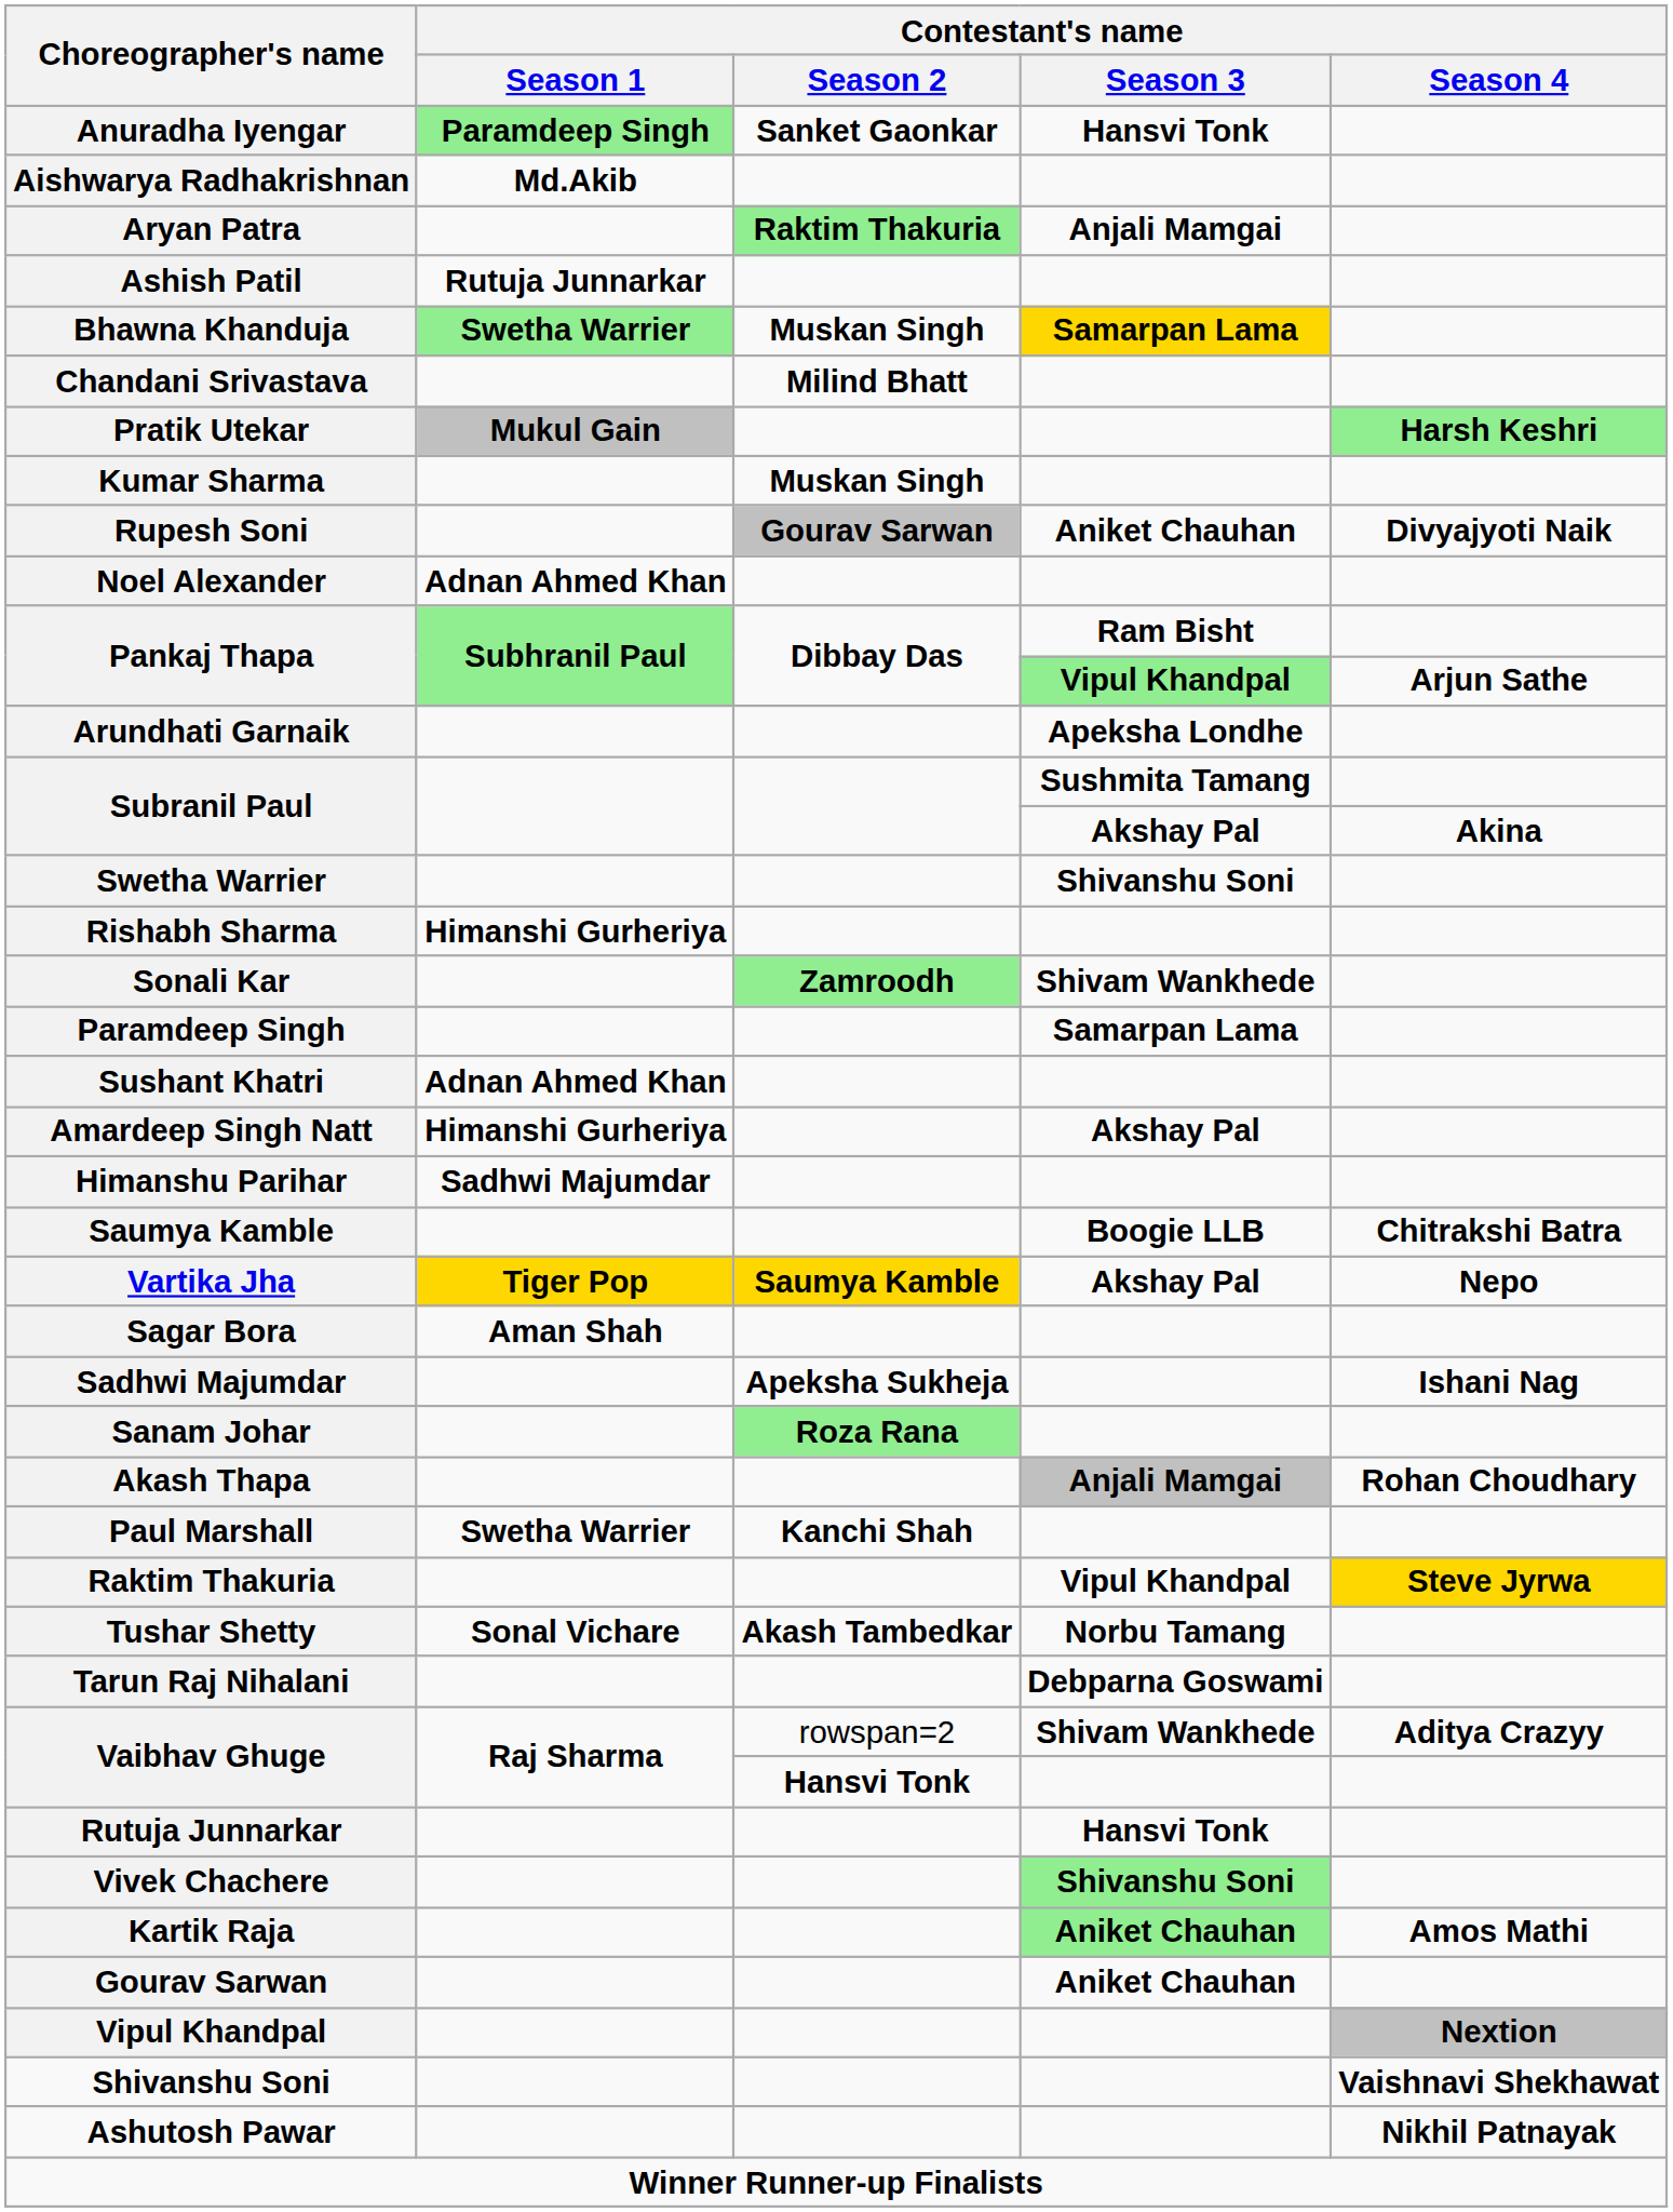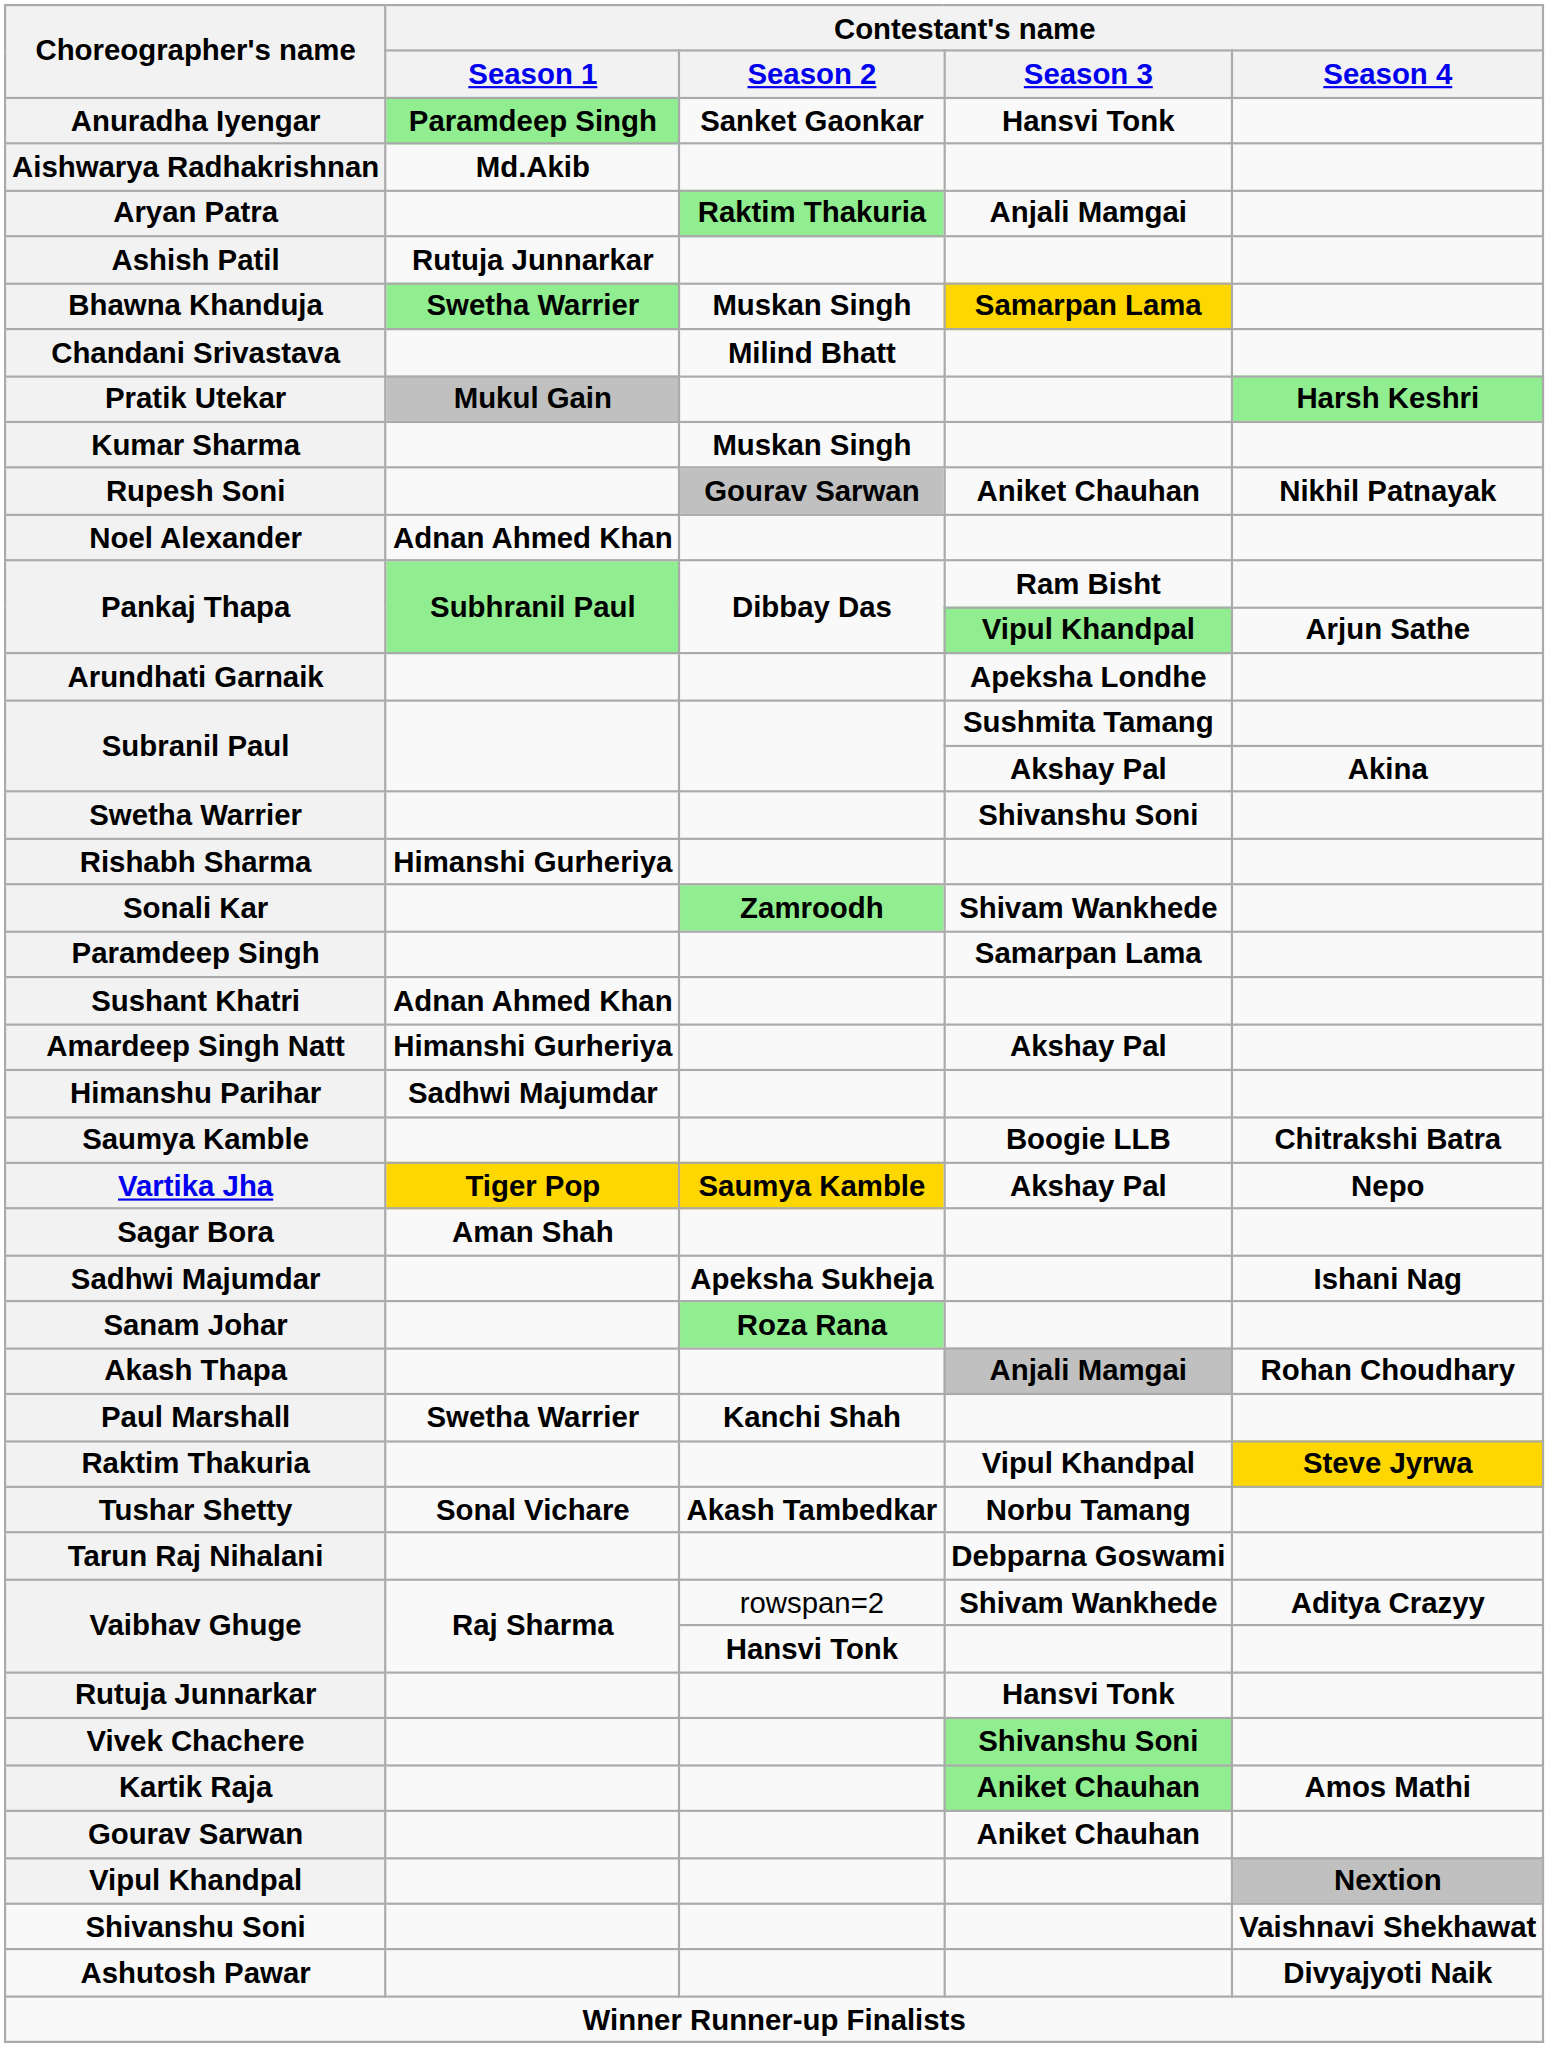 <table class="wikitable sortable" style=" text-align:center; font-size:85%;  line-height:15px; width:auto;">
 <tr>
 <th rowspan="2">Choreographer's name</th>
 <th colspan="4">Contestant's name</th>
 </tr>
 <tr>
 <th><a href='#'>Season 1</a></th>
 <th><a href='#'>Season 2</a></th>
 <th><a href='#'>Season 3</a></th>
 <th><a href='#'>Season 4</a></th>
 </tr>
 <tr>
 <th><strong>Anuradha Iyengar</strong></th>
 <td bgcolor="lightgreen"><strong>Paramdeep Singh</strong></td>
 <td><strong>Sanket Gaonkar</strong></td>
 <td><strong>Hansvi Tonk</strong></td>
 <td></td>
 </tr>
 <tr>
 <th>Aishwarya Radhakrishnan</th>
 <td><strong>Md.Akib</strong></td>
 <td></td>
 <td></td>
 <td></td>
 </tr>
 <tr>
 <th><strong>Aryan Patra</strong></th>
 <td></td>
 <td bgcolor="lightgreen"><strong>Raktim Thakuria</strong></td>
 <td><strong>Anjali Mamgai</strong></td>
 <td><strong> </strong></td>
 </tr>
 <tr>
 <th><strong>Ashish Patil</strong></th>
 <td><strong>Rutuja Junnarkar</strong></td>
 <td></td>
 <td></td>
 <td></td>
 </tr>
 <tr>
 <th>Bhawna Khanduja</th>
 <td bgcolor=lightgreen><strong>Swetha Warrier</strong></td>
 <td><strong>Muskan Singh</strong></td>
 <td bgcolor=gold><strong>Samarpan Lama</strong></td>
 <td></td>
 </tr>
 <tr>
 <th><strong>Chandani Srivastava</strong></th>
 <td></td>
 <td><strong>Milind Bhatt</strong></td>
 <td></td>
 <td></td>
 </tr>
 <tr>
 <th><strong>Pratik Utekar</strong></th>
 <td bgcolor=silver><strong>Mukul Gain</strong></td>
 <td></td>
 <td></td>
 <td bgcolor="lightgreen"><strong>Harsh Keshri</strong></td>
 </tr>
 <tr>
 <th><strong>Kumar Sharma</strong></th>
 <td></td>
 <td><strong>Muskan Singh</strong></td>
 <td></td>
 <td></td>
 </tr>
 <tr>
 <th><strong>Rupesh Soni</strong></th>
 <td></td>
 <td bgcolor=silver><strong>Gourav Sarwan</strong></td>
 <td><strong>Aniket Chauhan</strong></td>
-<td><strong>Divyajyoti Naik</strong></td>
+<td><strong>Nikhil Patnayak</strong></td>
 </tr>
 <tr>
 <th>Noel Alexander</th>
 <td><strong>Adnan Ahmed Khan</strong></td>
 <td></td>
 <td></td>
 <td></td>
 </tr>
 <tr>
 <th rowspan="2"><strong>Pankaj Thapa</strong></th>
 <td rowspan="2" bgcolor="lightgreen"><strong>Subhranil Paul</strong></td>
 <td rowspan="2"><strong>Dibbay Das</strong></td>
 <td><strong>Ram Bisht</strong></td>
 <td></td>
 </tr>
 <tr>
 <td bgcolor=lightgreen><strong>Vipul Khandpal</strong></td>
 <td><strong>Arjun Sathe</strong></td>
 </tr>
 <tr>
 <th><strong>Arundhati Garnaik</strong></th>
 <td></td>
 <td></td>
 <td><strong>Apeksha Londhe</strong></td>
 <td></td>
 </tr>
 <tr>
 <th rowspan="2"><strong>Subranil Paul</strong></th>
 <td rowspan="2"></td>
 <td rowspan="2"></td>
 <td><strong>Sushmita Tamang</strong></td>
 <td></td>
 </tr>
 <tr>
 <td><strong>Akshay Pal</strong></td>
 <td><strong>Akina</strong></td>
 </tr>
 <tr>
 <th><strong>Swetha Warrier</strong></th>
 <td></td>
 <td></td>
 <td><strong>Shivanshu Soni</strong></td>
 <td></td>
 </tr>
 <tr>
 <th><strong>Rishabh Sharma</strong></th>
 <td><strong>Himanshi Gurheriya</strong></td>
 <td></td>
 <td></td>
 <td></td>
 </tr>
 <tr>
 <th><strong>Sonali Kar</strong></th>
 <td></td>
 <td bgcolor="lightgreen"><strong>Zamroodh</strong></td>
 <td><strong>Shivam Wankhede</strong></td>
 <td></td>
 </tr>
 <tr>
 <th>Paramdeep Singh</th>
 <td></td>
 <td></td>
 <td><strong>Samarpan Lama</strong></td>
 <td></td>
 </tr>
 <tr>
 <th><strong>Sushant Khatri</strong></th>
 <td><strong>Adnan Ahmed Khan</strong></td>
 <td></td>
 <td></td>
 <td></td>
 </tr>
 <tr>
 <th>Amardeep Singh Natt</th>
 <td><strong>Himanshi Gurheriya</strong></td>
 <td></td>
 <td><strong>Akshay Pal</strong></td>
 <td></td>
 </tr>
 <tr>
 <th><strong>Himanshu Parihar</strong></th>
 <td><strong>Sadhwi Majumdar</strong></td>
 <td></td>
 <td></td>
 <td></td>
 </tr>
 <tr>
 <th><strong>Saumya Kamble</strong></th>
 <td></td>
 <td></td>
 <td><strong>Boogie LLB</strong></td>
 <td><strong>Chitrakshi Batra</strong></td>
 </tr>
 <tr>
 <th><strong><a href='#'>Vartika Jha</a></strong></th>
 <td bgcolor=gold><strong>Tiger Pop</strong></td>
 <td bgcolor=gold><strong>Saumya Kamble</strong></td>
 <td><strong>Akshay Pal</strong></td>
 <td><strong>Nepo</strong></td>
 </tr>
 <tr>
 <th><strong>Sagar Bora</strong></th>
 <td><strong>Aman Shah</strong></td>
 <td></td>
 <td></td>
 <td></td>
 </tr>
 <tr>
 <th><strong>Sadhwi Majumdar</strong></th>
 <td></td>
 <td><strong>Apeksha Sukheja</strong></td>
 <td></td>
 <td><strong>Ishani Nag</strong></td>
 </tr>
 <tr>
 <th><strong>Sanam Johar</strong></th>
 <td></td>
 <td bgcolor=lightgreen><strong>Roza Rana</strong></td>
 <td></td>
 <td></td>
 </tr>
 <tr>
 <th><strong>Akash Thapa</strong></th>
 <td></td>
 <td></td>
 <td bgcolor=silver><strong>Anjali Mamgai</strong></td>
 <td><strong>Rohan Choudhary</strong></td>
 </tr>
 <tr>
 <th><strong>Paul Marshall</strong></th>
 <td><strong>Swetha Warrier</strong></td>
 <td><strong>Kanchi Shah</strong></td>
 <td></td>
 <td></td>
 </tr>
 <tr>
 <th><strong>Raktim Thakuria</strong></th>
 <td></td>
 <td></td>
 <td><strong>Vipul Khandpal</strong></td>
 <td bgcolor=gold><strong>Steve Jyrwa</strong></td>
 </tr>
 <tr>
 <th><strong>Tushar Shetty</strong></th>
 <td><strong>Sonal Vichare</strong></td>
 <td><strong>Akash Tambedkar</strong></td>
 <td><strong>Norbu Tamang</strong></td>
 <td></td>
 </tr>
 <tr>
 <th><strong>Tarun Raj Nihalani</strong></th>
 <td></td>
 <td></td>
 <td><strong>Debparna Goswami</strong></td>
 <td></td>
 </tr>
 <tr>
 <th rowspan="2"><strong>Vaibhav Ghuge</strong></th>
 <td rowspan="2"><strong>Raj Sharma</strong></td>
 <td>rowspan=2</td>
 <td><strong>Shivam Wankhede</strong></td>
 <td><strong>Aditya Crazyy</strong></td>
 </tr>
 <tr>
 <td><strong>Hansvi Tonk</strong></td>
 <td></td>
 </tr>
 <tr>
 <th><strong>Rutuja Junnarkar</strong></th>
 <td></td>
 <td></td>
 <td><strong>Hansvi Tonk</strong></td>
 <td></td>
 </tr>
 <tr>
 <th><strong>Vivek Chachere</strong></th>
 <td></td>
 <td></td>
 <td bgcolor=lightgreen><strong>Shivanshu Soni</strong></td>
 <td></td>
 </tr>
 <tr>
 <th><strong>Kartik Raja</strong></th>
 <td></td>
 <td></td>
 <td bgcolor=lightgreen><strong>Aniket Chauhan</strong></td>
 <td><strong>Amos Mathi</strong></td>
 </tr>
 <tr>
 <th><strong>Gourav Sarwan</strong></th>
 <td></td>
 <td></td>
 <td><strong>Aniket Chauhan</strong></td>
 <td></td>
 </tr>
 <tr>
 <th>Vipul Khandpal</th>
 <td></td>
 <td></td>
 <td></td>
 <td bgcolor=silver><strong>Nextion</strong></td>
 </tr>
 <tr>
 <td><strong>Shivanshu Soni</strong></td>
 <td></td>
 <td></td>
 <td></td>
 <td><strong>Vaishnavi Shekhawat</strong></td>
 </tr>
 <tr>
 <td><strong>Ashutosh Pawar</strong></td>
 <td></td>
 <td></td>
 <td></td>
-<td><strong>Nikhil Patnayak</strong></td>
+<td><strong>Divyajyoti Naik</strong></td>
 </tr>
 <tr>
 <td colspan="16"><strong>  Winner</strong>  <strong>  Runner-up</strong>   <strong> Finalists</strong></td>
 </tr>
 <tr>
 </tr>
 </table>
